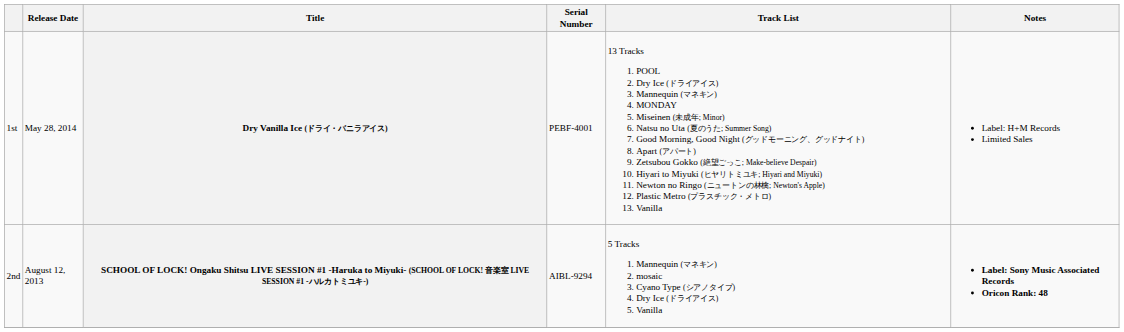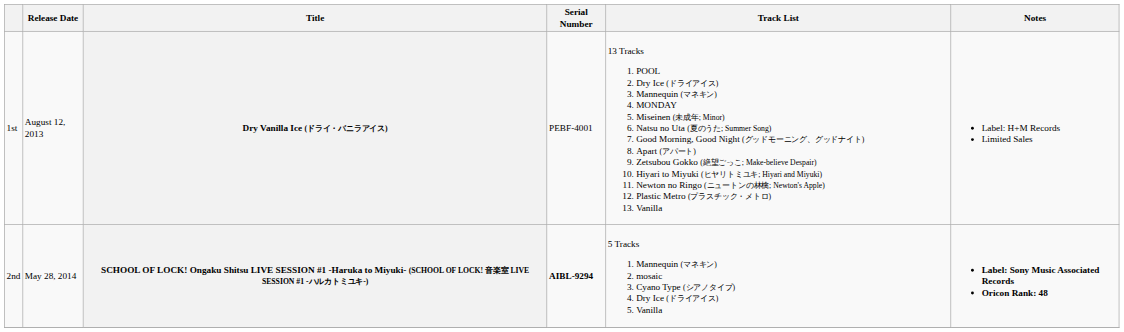 <table class="wikitable" style=font-size:small>
 <tr>
 <th> </th>
 <th>Release Date</th>
 <th>Title</th>
 <th>Serial Number</th>
 <th style="width:31%">Track List</th>
 <th>Notes</th>
 </tr>
 <tr>
 <td>1st</td>
-<td>May 28, 2014</td>
+<td>August 12, 2013</td>
 <th>Dry Vanilla Ice <small>(ドライ・バニラアイス)</small></th>
 <td>PEBF-4001</td>
 <td><br>13 Tracks<ol><li>POOL</li><li>Dry Ice <small>(ドライアイス)</small></li><li>Mannequin <small>(マネキン)</small></li><li>MONDAY</li><li>Miseinen <small>(未成年; Minor)</small></li><li>Natsu no Uta <small>(夏のうた; Summer Song)</small></li><li>Good Morning, Good Night <small>(グッドモーニング、グッドナイト)</small></li><li>Apart <small>(アパート)</small></li><li>Zetsubou Gokko <small>(絶望ごっこ; Make-believe Despair)</small></li><li>Hiyari to Miyuki <small>(ヒヤリトミユキ; Hiyari and Miyuki)</small></li><li>Newton no Ringo <small>(ニュートンの林檎; Newton's Apple)</small></li><li>Plastic Metro <small>(プラスチック・メトロ)</small></li><li>Vanilla</li></ol></td>
 <td><br><ul><li>Label: H+M Records</li><li>Limited Sales</li></ul></td>
 </tr>
 <tr>
 <td>2nd</td>
-<td>August 12, 2013</td>
+<td>May 28, 2014</td>
 <th>SCHOOL OF LOCK! Ongaku Shitsu LIVE SESSION #1 -Haruka to Miyuki- <small>(SCHOOL OF LOCK! 音楽室 LIVE SESSION #1 -ハルカトミユキ-)</small></th>
-<td>AIBL-9294</td>
+<td><strong>AIBL-9294</strong></td>
 <td><br>5 Tracks<ol><li>Mannequin <small>(マネキン)</small></li><li>mosaic</li><li>Cyano Type <small>(シアノタイプ)</small></li><li>Dry Ice <small>(ドライアイス)</small></li><li>Vanilla</li></ol></td>
 <td><strong><br><ul><li>Label: Sony Music Associated Records</li><li>Oricon Rank: 48</li></ul></strong></td>
 </tr>
 <tr>
 </tr>
 </table>
